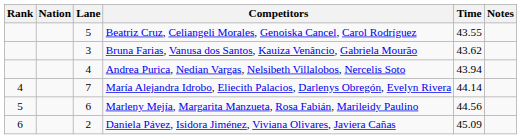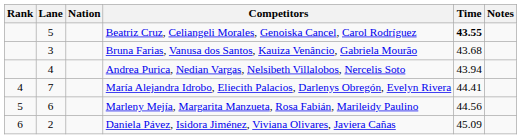 <table class="wikitable sortable" style="text-align:center; font-size:95%">
 <tr>
 <th>Rank</th>
+<th>Lane</th>
 <th>Nation</th>
-<th>Lane</th>
 <th>Competitors</th>
 <th>Time</th>
 <th>Notes</th>
 </tr>
 <tr>
 <td></td>
+<td>5</td>
 <td align=left></td>
-<td>5</td>
 <td align=left><a href='#'>Beatriz Cruz</a>, <a href='#'>Celiangeli Morales</a>, <a href='#'>Genoiska Cancel</a>, <a href='#'>Carol Rodríguez</a></td>
-<td>43.55</td>
+<td><strong>43.55</strong></td>
 <td></td>
 </tr>
 <tr>
 <td></td>
+<td>3</td>
 <td align=left></td>
-<td>3</td>
 <td align=left><a href='#'>Bruna Farias</a>, <a href='#'>Vanusa dos Santos</a>, <a href='#'>Kauiza Venâncio</a>, <a href='#'>Gabriela Mourão</a></td>
-<td>43.62</td>
+<td>43.68</td>
 <td></td>
 </tr>
 <tr>
 <td></td>
+<td>4</td>
 <td align=left></td>
-<td>4</td>
 <td align=left><a href='#'>Andrea Purica</a>, <a href='#'>Nedian Vargas</a>, <a href='#'>Nelsibeth Villalobos</a>, <a href='#'>Nercelis Soto</a></td>
 <td>43.94</td>
 <td></td>
 </tr>
 <tr>
 <td>4</td>
+<td>7</td>
 <td align=left></td>
-<td>7</td>
 <td align=left><a href='#'>María Alejandra Idrobo</a>, <a href='#'>Eliecith Palacios</a>, <a href='#'>Darlenys Obregón</a>, <a href='#'>Evelyn Rivera</a></td>
-<td>44.14</td>
+<td>44.41</td>
 <td></td>
 </tr>
 <tr>
 <td>5</td>
+<td>6</td>
 <td align=left></td>
-<td>6</td>
 <td align=left><a href='#'>Marleny Mejía</a>, <a href='#'>Margarita Manzueta</a>, <a href='#'>Rosa Fabián</a>, <a href='#'>Marileidy Paulino</a></td>
 <td>44.56</td>
 <td></td>
 </tr>
 <tr>
 <td>6</td>
+<td>2</td>
 <td align=left></td>
-<td>2</td>
 <td align=left><a href='#'>Daniela Pávez</a>, <a href='#'>Isidora Jiménez</a>, <a href='#'>Viviana Olivares</a>, <a href='#'>Javiera Cañas</a></td>
 <td>45.09</td>
 <td></td>
 </tr>
 </table>
